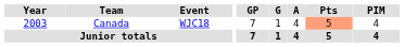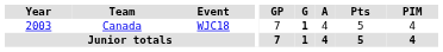 <table border="0" cellpadding="1" cellspacing="0" ID="Table3" style="text-align:center; width:40em">
 <tr ALIGN="center" bgcolor="#e0e0e0">
 <th>Year</th>
 <th>Team</th>
 <th>Event</th>
 <th rowspan="99" bgcolor="#ffffff"></th>
 <th>GP</th>
 <th>G</th>
 <th>A</th>
 <th>Pts</th>
 <th>PIM</th>
 </tr>
 <tr>
 <td><a href='#'>2003</a></td>
 <td><a href='#'>Canada</a></td>
 <td><a href='#'>WJC18</a></td>
 <td>7</td>
-<td>1</td>
+<td><strong>1</strong></td>
 <td>4</td>
-<td style="background: lightsalmon;">5</td>
+<td>5</td>
 <td>4</td>
 </tr>
 <tr bgcolor="#e0e0e0">
 <th colspan="3">Junior totals</th>
 <th>7</th>
 <th>1</th>
 <th>4</th>
 <th>5</th>
 <th>4</th>
 </tr>
 </table>
